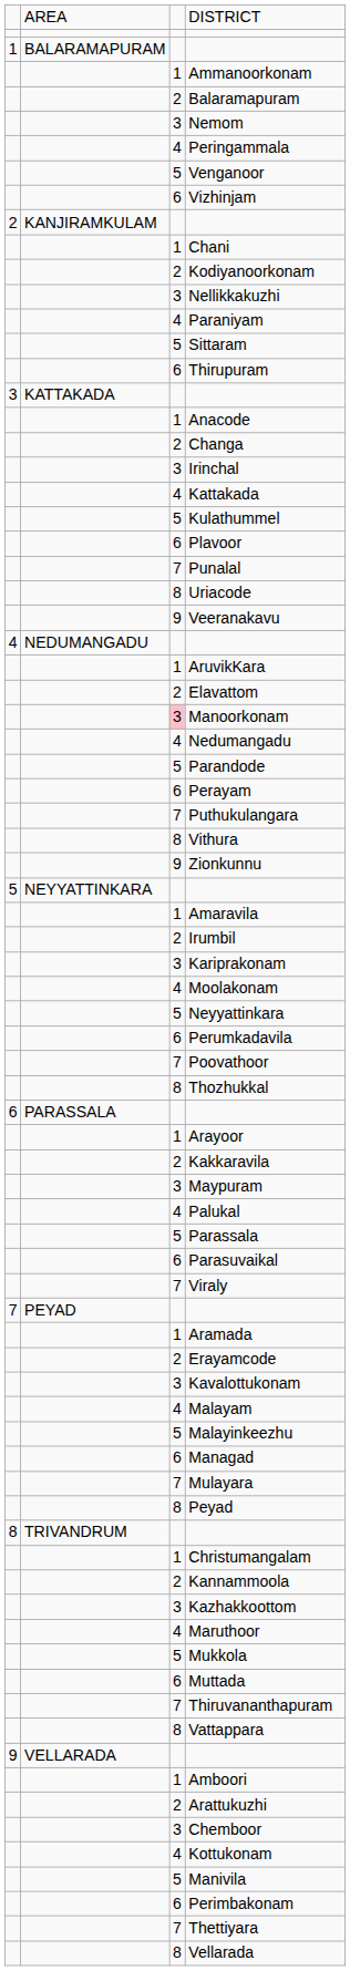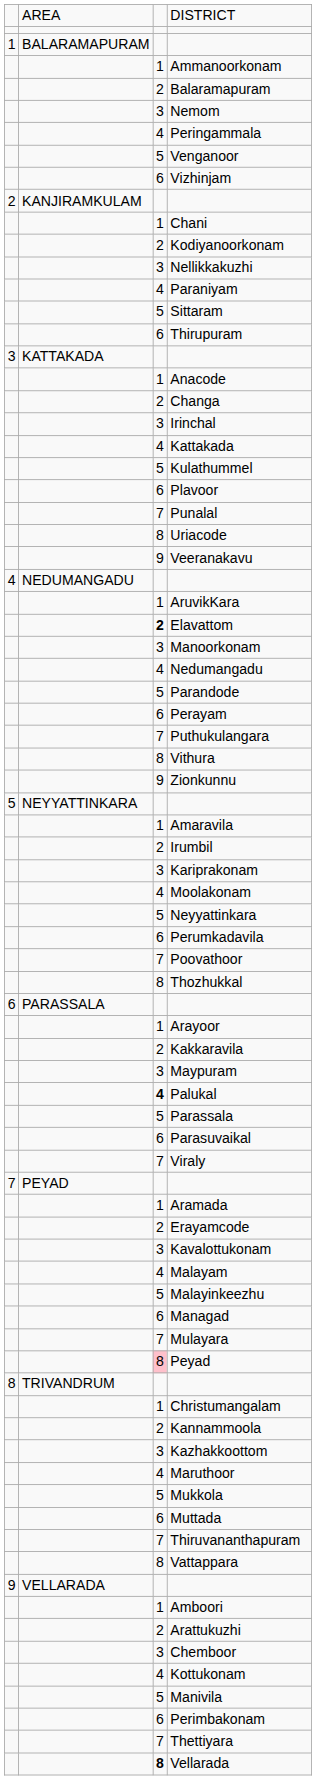 <table class="wikitable">
 <tr>
 <td></td>
 <td>AREA</td>
 <td></td>
 <td>DISTRICT</td>
 </tr>
 <tr>
 <td></td>
 <td></td>
 <td></td>
 <td></td>
 </tr>
 <tr>
 <td>1</td>
 <td>BALARAMAPURAM</td>
 <td></td>
 <td></td>
 </tr>
 <tr>
 <td></td>
 <td></td>
 <td>1</td>
 <td>Ammanoorkonam</td>
 </tr>
 <tr>
 <td></td>
 <td></td>
 <td>2</td>
 <td>Balaramapuram</td>
 </tr>
 <tr>
 <td></td>
 <td></td>
 <td>3</td>
 <td>Nemom  </td>
 </tr>
 <tr>
 <td></td>
 <td></td>
 <td>4</td>
 <td>Peringammala</td>
 </tr>
 <tr>
 <td></td>
 <td></td>
 <td>5</td>
 <td>Venganoor</td>
 </tr>
 <tr>
 <td></td>
 <td></td>
 <td>6</td>
 <td>Vizhinjam</td>
 </tr>
 <tr>
 <td>2</td>
 <td>KANJIRAMKULAM</td>
 <td></td>
 <td></td>
 </tr>
 <tr>
 <td></td>
 <td></td>
 <td>1</td>
 <td>Chani</td>
 </tr>
 <tr>
 <td></td>
 <td></td>
 <td>2</td>
 <td>Kodiyanoorkonam</td>
 </tr>
 <tr>
 <td></td>
 <td></td>
 <td>3</td>
 <td>Nellikkakuzhi</td>
 </tr>
 <tr>
 <td></td>
 <td></td>
 <td>4</td>
 <td>Paraniyam</td>
 </tr>
 <tr>
 <td></td>
 <td></td>
 <td>5</td>
 <td>Sittaram</td>
 </tr>
 <tr>
 <td></td>
 <td></td>
 <td>6</td>
 <td>Thirupuram</td>
 </tr>
 <tr>
 <td>3</td>
 <td>KATTAKADA</td>
 <td></td>
 <td></td>
 </tr>
 <tr>
 <td></td>
 <td></td>
 <td>1</td>
 <td>Anacode</td>
 </tr>
 <tr>
 <td></td>
 <td></td>
 <td>2</td>
 <td>Changa</td>
 </tr>
 <tr>
 <td></td>
 <td></td>
 <td>3</td>
 <td>Irinchal</td>
 </tr>
 <tr>
 <td></td>
 <td></td>
 <td>4</td>
 <td>Kattakada</td>
 </tr>
 <tr>
 <td></td>
 <td></td>
 <td>5</td>
 <td>Kulathummel</td>
 </tr>
 <tr>
 <td></td>
 <td></td>
 <td>6</td>
 <td>Plavoor</td>
 </tr>
 <tr>
 <td></td>
 <td></td>
 <td>7</td>
 <td>Punalal</td>
 </tr>
 <tr>
 <td></td>
 <td></td>
 <td>8</td>
 <td>Uriacode</td>
 </tr>
 <tr>
 <td></td>
 <td></td>
 <td>9</td>
 <td>Veeranakavu</td>
 </tr>
 <tr>
 <td>4</td>
 <td>NEDUMANGADU</td>
 <td></td>
 <td></td>
 </tr>
 <tr>
 <td></td>
 <td></td>
 <td>1</td>
 <td>AruvikKara  </td>
 </tr>
 <tr>
 <td></td>
 <td></td>
-<td>2</td>
+<td><strong>2</strong></td>
 <td>Elavattom  </td>
 </tr>
 <tr>
 <td></td>
 <td></td>
-<td style="background: pink;">3</td>
+<td>3</td>
 <td>Manoorkonam  </td>
 </tr>
 <tr>
 <td></td>
 <td></td>
 <td>4</td>
 <td>Nedumangadu</td>
 </tr>
 <tr>
 <td></td>
 <td></td>
 <td>5</td>
 <td>Parandode</td>
 </tr>
 <tr>
 <td></td>
 <td></td>
 <td>6</td>
 <td>Perayam  </td>
 </tr>
 <tr>
 <td></td>
 <td></td>
 <td>7</td>
 <td>Puthukulangara</td>
 </tr>
 <tr>
 <td></td>
 <td></td>
 <td>8</td>
 <td>Vithura</td>
 </tr>
 <tr>
 <td></td>
 <td></td>
 <td>9</td>
 <td>Zionkunnu</td>
 </tr>
 <tr>
 <td>5</td>
 <td>NEYYATTINKARA</td>
 <td></td>
 <td></td>
 </tr>
 <tr>
 <td></td>
 <td></td>
 <td>1</td>
 <td>Amaravila</td>
 </tr>
 <tr>
 <td></td>
 <td></td>
 <td>2</td>
 <td>Irumbil</td>
 </tr>
 <tr>
 <td></td>
 <td></td>
 <td>3</td>
 <td>Kariprakonam</td>
 </tr>
 <tr>
 <td></td>
 <td></td>
 <td>4</td>
 <td>Moolakonam</td>
 </tr>
 <tr>
 <td></td>
 <td></td>
 <td>5</td>
 <td>Neyyattinkara</td>
 </tr>
 <tr>
 <td></td>
 <td></td>
 <td>6</td>
 <td>Perumkadavila</td>
 </tr>
 <tr>
 <td></td>
 <td></td>
 <td>7</td>
 <td>Poovathoor</td>
 </tr>
 <tr>
 <td></td>
 <td></td>
 <td>8</td>
 <td>Thozhukkal</td>
 </tr>
 <tr>
 <td>6</td>
 <td>PARASSALA</td>
 <td></td>
 <td></td>
 </tr>
 <tr>
 <td></td>
 <td></td>
 <td>1</td>
 <td>Arayoor</td>
 </tr>
 <tr>
 <td></td>
 <td></td>
 <td>2</td>
 <td>Kakkaravila</td>
 </tr>
 <tr>
 <td></td>
 <td></td>
 <td>3</td>
 <td>Maypuram</td>
 </tr>
 <tr>
 <td></td>
 <td></td>
-<td>4</td>
+<td><strong>4</strong></td>
 <td>Palukal</td>
 </tr>
 <tr>
 <td></td>
 <td></td>
 <td>5</td>
 <td>Parassala</td>
 </tr>
 <tr>
 <td></td>
 <td></td>
 <td>6</td>
 <td>Parasuvaikal</td>
 </tr>
 <tr>
 <td></td>
 <td></td>
 <td>7</td>
 <td>Viraly</td>
 </tr>
 <tr>
 <td>7</td>
 <td>PEYAD</td>
 <td></td>
 <td></td>
 </tr>
 <tr>
 <td></td>
 <td></td>
 <td>1</td>
 <td>Aramada</td>
 </tr>
 <tr>
 <td></td>
 <td></td>
 <td>2</td>
 <td>Erayamcode</td>
 </tr>
 <tr>
 <td></td>
 <td></td>
 <td>3</td>
 <td>Kavalottukonam</td>
 </tr>
 <tr>
 <td></td>
 <td></td>
 <td>4</td>
 <td>Malayam</td>
 </tr>
 <tr>
 <td></td>
 <td></td>
 <td>5</td>
 <td>Malayinkeezhu  </td>
 </tr>
 <tr>
 <td></td>
 <td></td>
 <td>6</td>
 <td>Managad</td>
 </tr>
 <tr>
 <td></td>
 <td></td>
 <td>7</td>
 <td>Mulayara</td>
 </tr>
 <tr>
 <td></td>
 <td></td>
-<td>8</td>
+<td style="background: pink;">8</td>
 <td>Peyad</td>
 </tr>
 <tr>
 <td>8</td>
 <td>TRIVANDRUM</td>
 <td></td>
 <td></td>
 </tr>
 <tr>
 <td></td>
 <td></td>
 <td>1</td>
 <td>Christumangalam  </td>
 </tr>
 <tr>
 <td></td>
 <td></td>
 <td>2</td>
 <td>Kannammoola</td>
 </tr>
 <tr>
 <td></td>
 <td></td>
 <td>3</td>
 <td>Kazhakkoottom  </td>
 </tr>
 <tr>
 <td></td>
 <td></td>
 <td>4</td>
 <td>Maruthoor</td>
 </tr>
 <tr>
 <td></td>
 <td></td>
 <td>5</td>
 <td>Mukkola</td>
 </tr>
 <tr>
 <td></td>
 <td></td>
 <td>6</td>
 <td>Muttada</td>
 </tr>
 <tr>
 <td></td>
 <td></td>
 <td>7</td>
 <td>Thiruvananthapuram  </td>
 </tr>
 <tr>
 <td></td>
 <td></td>
 <td>8</td>
 <td>Vattappara</td>
 </tr>
 <tr>
 <td>9</td>
 <td>VELLARADA</td>
 <td></td>
 <td></td>
 </tr>
 <tr>
 <td></td>
 <td></td>
 <td>1</td>
 <td>Amboori</td>
 </tr>
 <tr>
 <td></td>
 <td></td>
 <td>2</td>
 <td>Arattukuzhi</td>
 </tr>
 <tr>
 <td></td>
 <td></td>
 <td>3</td>
 <td>Chemboor  </td>
 </tr>
 <tr>
 <td></td>
 <td></td>
 <td>4</td>
 <td>Kottukonam</td>
 </tr>
 <tr>
 <td></td>
 <td></td>
 <td>5</td>
 <td>Manivila</td>
 </tr>
 <tr>
 <td></td>
 <td></td>
 <td>6</td>
 <td>Perimbakonam  </td>
 </tr>
 <tr>
 <td></td>
 <td></td>
 <td>7</td>
 <td>Thettiyara</td>
 </tr>
 <tr>
 <td></td>
 <td></td>
-<td>8</td>
+<td><strong>8</strong></td>
 <td>Vellarada</td>
 </tr>
 </table>
